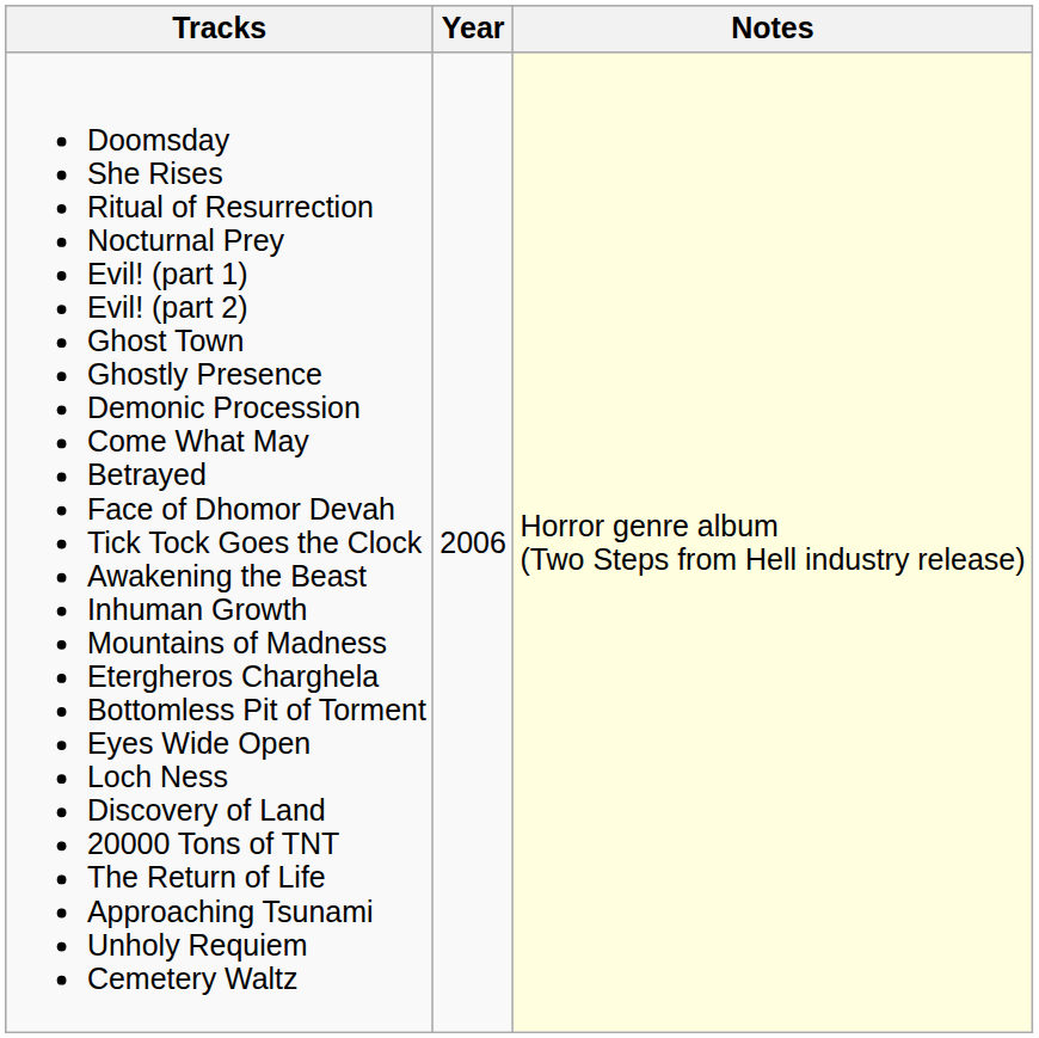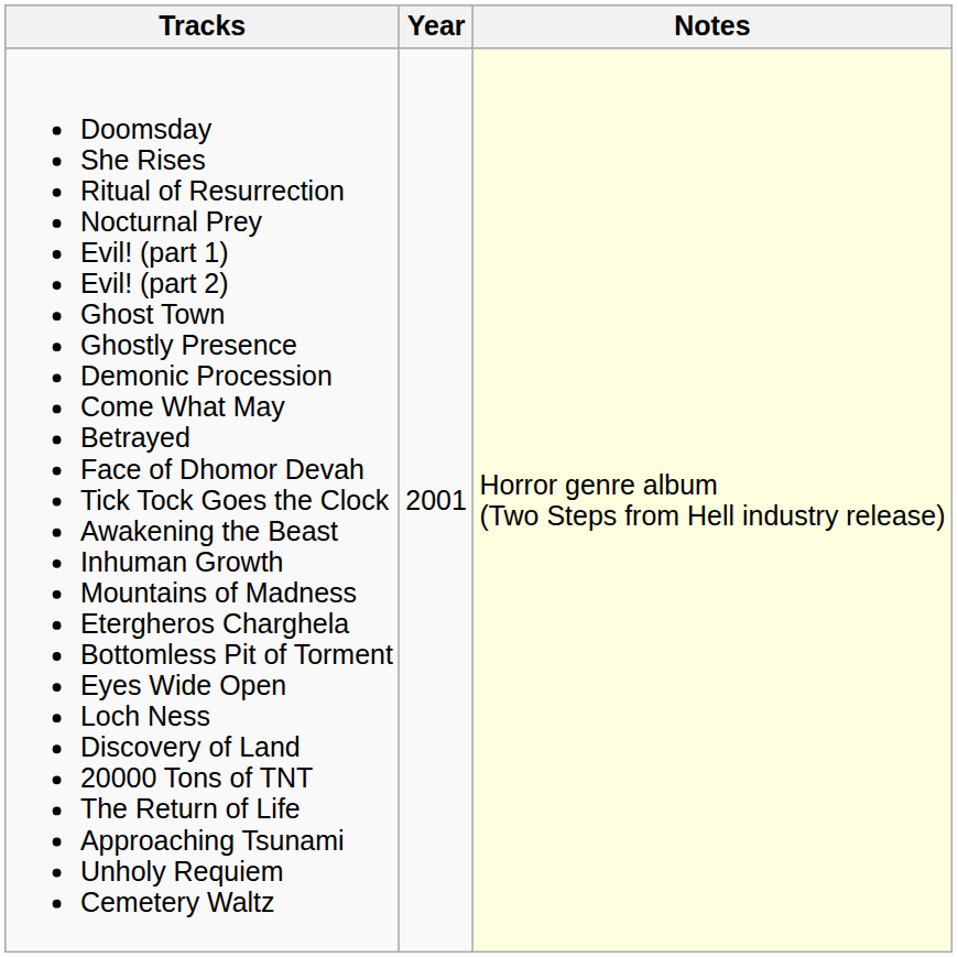 <table class="wikitable sortable">
 <tr>
 <th>Tracks</th>
 <th>Year</th>
 <th>Notes</th>
 </tr>
 <tr>
 <td><br><ul><li>Doomsday</li><li>She Rises</li><li>Ritual of Resurrection</li><li>Nocturnal Prey</li><li>Evil! (part 1)</li><li>Evil! (part 2)</li><li>Ghost Town</li><li>Ghostly Presence</li><li>Demonic Procession</li><li>Come What May</li><li>Betrayed</li><li>Face of Dhomor Devah</li><li>Tick Tock Goes the Clock</li><li>Awakening the Beast</li><li>Inhuman Growth</li><li>Mountains of Madness</li><li>Etergheros Charghela</li><li>Bottomless Pit of Torment</li><li>Eyes Wide Open</li><li>Loch Ness</li><li>Discovery of Land</li><li>20000 Tons of TNT</li><li>The Return of Life</li><li>Approaching Tsunami</li><li>Unholy Requiem</li><li>Cemetery Waltz</li></ul></td>
-<td>2006</td>
+<td>2001</td>
 <td style="background: lightyellow;">Horror genre album<br>(Two Steps from Hell industry release)</td>
 </tr>
 </table>
